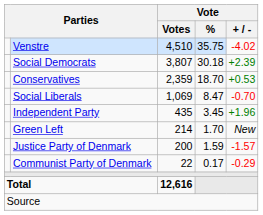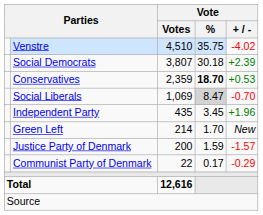 <table class="wikitable" style="text-align:right;">
 <tr>
 <th style="text-align:centre;" rowspan="2" colspan="2" width="225">Parties</th>
 <th colspan="3">Vote</th>
 </tr>
 <tr>
 <th width="15">Votes</th>
 <th width="15">%</th>
 <th width="15">+ / -</th>
 </tr>
 <tr>
 <td width="2" style="color:inherit;background:"></td>
 <td bgcolor=#cfe5fe  align="left"><a href='#'>Venstre</a></td>
 <td bgcolor=#cfe5fe>4,510</td>
 <td bgcolor=#cfe5fe>35.75</td>
 <td style=color:red;>-4.02</td>
 </tr>
 <tr>
 <td width="2" style="color:inherit;background:"></td>
 <td align="left"><a href='#'>Social Democrats</a></td>
 <td>3,807</td>
 <td>30.18</td>
 <td style=color:green;>+2.39</td>
 </tr>
 <tr>
 <td width="2" style="color:inherit;background:"></td>
 <td align="left"><a href='#'>Conservatives</a></td>
 <td>2,359</td>
-<td>18.70</td>
+<td><strong>18.70</strong></td>
 <td style=color:green;>+0.53</td>
 </tr>
 <tr>
 <td width="2" style="color:inherit;background:"></td>
 <td align="left"><a href='#'>Social Liberals</a></td>
 <td>1,069</td>
-<td>8.47</td>
+<td style="background: lightgrey;">8.47</td>
 <td style=color:red;>-0.70</td>
 </tr>
 <tr>
 <td width="2" style="color:inherit;background:"></td>
 <td align="left"><a href='#'>Independent Party</a></td>
 <td>435</td>
 <td>3.45</td>
 <td style=color:green;>+1.96</td>
 </tr>
 <tr>
 <td width="2" style="color:inherit;background:"></td>
 <td align="left"><a href='#'>Green Left</a></td>
 <td>214</td>
 <td>1.70</td>
 <td><em>New</em></td>
 </tr>
 <tr>
 <td width="2" style="color:inherit;background:"></td>
 <td align="left"><a href='#'>Justice Party of Denmark</a></td>
 <td>200</td>
 <td>1.59</td>
 <td style=color:red;>-1.57</td>
 </tr>
 <tr>
 <td width="2" style="color:inherit;background:"></td>
 <td align="left"><a href='#'>Communist Party of Denmark</a></td>
 <td>22</td>
 <td>0.17</td>
 <td style=color:red;>-0.29</td>
 </tr>
 <tr>
 <td colspan="7" bgcolor="#E9E9E9"></td>
 </tr>
 <tr>
 <td align="left" colspan="2"><strong>Total</strong></td>
 <td><strong>12,616</strong></td>
 <td bgcolor="#E9E9E9" colspan="2"></td>
 </tr>
 <tr>
 <td align="left" colspan="6">Source</td>
 </tr>
 </table>
